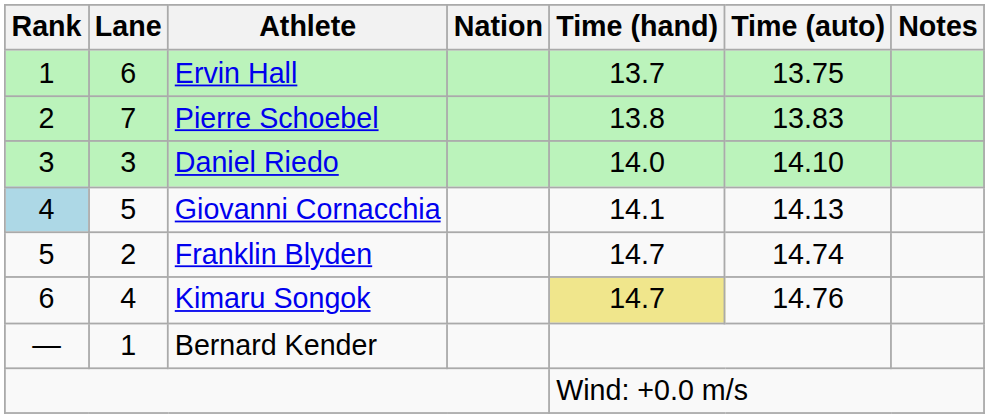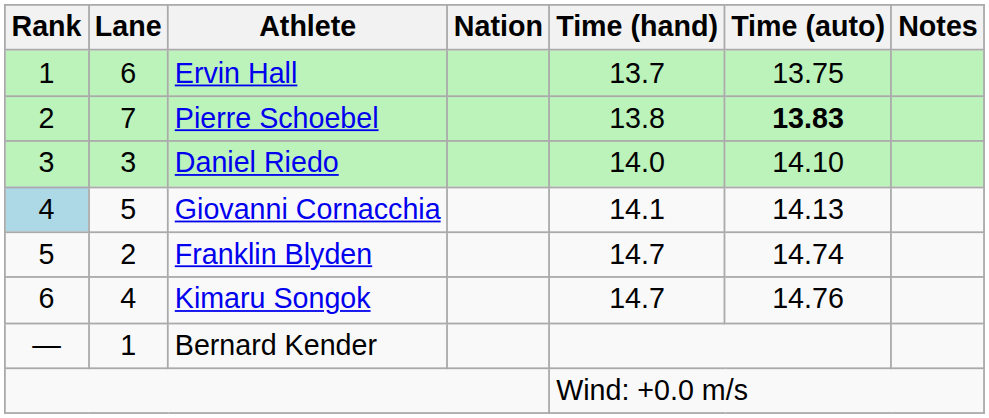 <table class="wikitable sortable" style="text-align:center">
 <tr>
 <th>Rank</th>
 <th>Lane</th>
 <th>Athlete</th>
 <th>Nation</th>
 <th>Time (hand)</th>
 <th>Time (auto)</th>
 <th>Notes</th>
 </tr>
 <tr bgcolor=bbf3bb>
 <td>1</td>
 <td>6</td>
 <td align=left><a href='#'>Ervin Hall</a></td>
 <td align=left></td>
 <td>13.7</td>
 <td>13.75</td>
 <td></td>
 </tr>
 <tr bgcolor=bbf3bb>
 <td>2</td>
 <td>7</td>
 <td align=left><a href='#'>Pierre Schoebel</a></td>
 <td align=left></td>
 <td>13.8</td>
-<td>13.83</td>
+<td><strong>13.83</strong></td>
 <td></td>
 </tr>
 <tr bgcolor=bbf3bb>
 <td>3</td>
 <td>3</td>
 <td align=left><a href='#'>Daniel Riedo</a></td>
 <td align=left></td>
 <td>14.0</td>
 <td>14.10</td>
 <td></td>
 </tr>
 <tr>
 <td style="background: lightblue;">4</td>
 <td>5</td>
 <td align=left><a href='#'>Giovanni Cornacchia</a></td>
 <td align=left></td>
 <td>14.1</td>
 <td>14.13</td>
 <td></td>
 </tr>
 <tr>
 <td>5</td>
 <td>2</td>
 <td align=left><a href='#'>Franklin Blyden</a></td>
 <td align=left></td>
 <td>14.7</td>
 <td>14.74</td>
 <td></td>
 </tr>
 <tr>
 <td>6</td>
 <td>4</td>
 <td align=left><a href='#'>Kimaru Songok</a></td>
 <td align=left></td>
-<td style="background: khaki;">14.7</td>
+<td>14.7</td>
 <td>14.76</td>
 <td></td>
 </tr>
 <tr>
 <td data-sort-value=7>—</td>
 <td>1</td>
 <td align=left>Bernard Kender</td>
 <td align=left></td>
 <td colspan=2 data-sort-value=99.9></td>
 <td></td>
 </tr>
 <tr class="sortbottom">
 <td colspan=4></td>
 <td colspan="3" style="text-align:left;">Wind: +0.0 m/s</td>
 </tr>
 </table>
